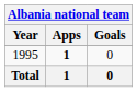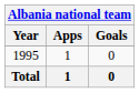 <table class="wikitable" style="text-align:center">
 <tr>
 <th colspan=3><a href='#'>Albania national team</a></th>
 </tr>
 <tr>
 <th>Year</th>
 <th>Apps</th>
 <th>Goals</th>
 </tr>
 <tr>
 </tr>
 <tr>
 <td>1995</td>
-<td><strong>1</strong></td>
+<td>1</td>
 <td>0</td>
 </tr>
 <tr>
 <th>Total</th>
 <th>1</th>
 <th>0</th>
 </tr>
 </table>
